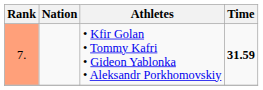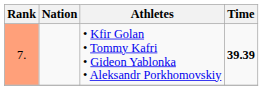 <table class="wikitable" style="text-align:center">
 <tr>
 <th>Rank</th>
 <th>Nation</th>
 <th>Athletes</th>
 <th>Time</th>
 </tr>
 <tr>
 <td style="background: lightsalmon;">7.</td>
 <td align=left></td>
 <td align=left>• <a href='#'>Kfir Golan</a><br>• <a href='#'>Tommy Kafri</a><br>• <a href='#'>Gideon Yablonka</a><br>• <a href='#'>Aleksandr Porkhomovskiy</a></td>
-<td><strong>31.59</strong></td>
+<td><strong>39.39</strong></td>
 </tr>
 <tr>
 </tr>
 </table>
